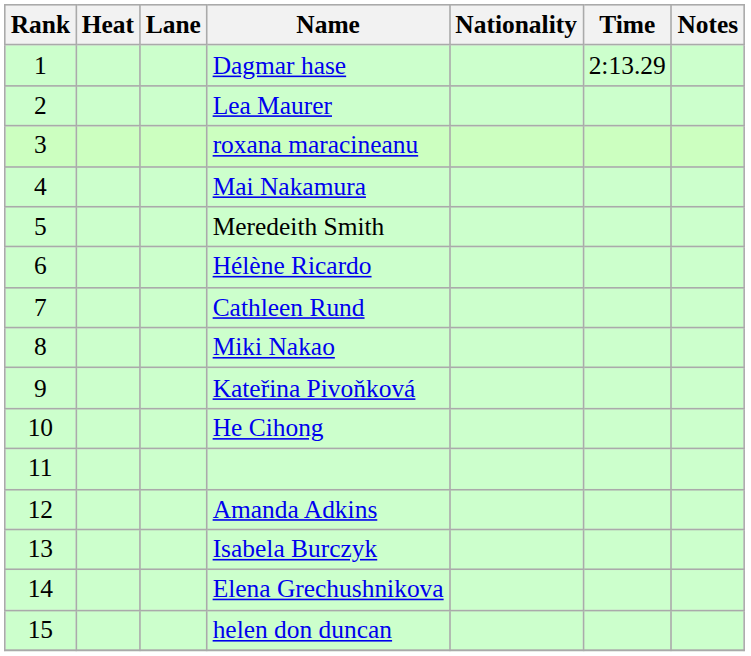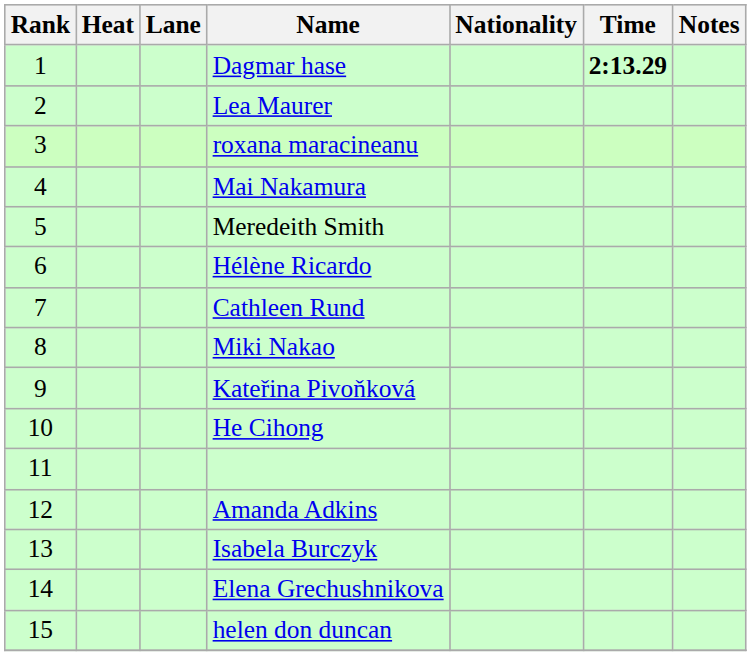 <table class="wikitable sortable" style="text-align:center">
 <tr>
 <th>Rank</th>
 <th>Heat</th>
 <th>Lane</th>
 <th>Name</th>
 <th>Nationality</th>
 <th>Time</th>
 <th>Notes</th>
 </tr>
 <tr bgcolor=ccffcc>
 <td>1</td>
 <td></td>
 <td></td>
 <td align=left><a href='#'>Dagmar hase</a></td>
 <td align=left></td>
-<td>2:13.29</td>
+<td><strong>2:13.29</strong></td>
 <td></td>
 </tr>
 <tr bgcolor=ccffcc>
 <td>2</td>
 <td></td>
 <td></td>
 <td align=left><a href='#'>Lea Maurer</a></td>
 <td align=left></td>
 <td></td>
 <td></td>
 </tr>
 <tr bgcolor=ccffc>
 <td>3</td>
 <td></td>
 <td></td>
 <td align=left><a href='#'>roxana maracineanu</a></td>
 <td align=left></td>
 <td></td>
 <td></td>
 </tr>
 <tr bgcolor=ccffcc>
 <td>4</td>
 <td></td>
 <td></td>
 <td align=left><a href='#'>Mai Nakamura</a></td>
 <td align=left></td>
 <td></td>
 <td></td>
 </tr>
 <tr bgcolor=ccffcc>
 <td>5</td>
 <td></td>
 <td></td>
 <td align=left>Meredeith Smith</td>
 <td align=left></td>
 <td></td>
 <td></td>
 </tr>
 <tr bgcolor=ccffcc>
 <td>6</td>
 <td></td>
 <td></td>
 <td align=left><a href='#'>Hélène Ricardo</a></td>
 <td align=left></td>
 <td></td>
 <td></td>
 </tr>
 <tr bgcolor=ccffcc>
 <td>7</td>
 <td></td>
 <td></td>
 <td align=left><a href='#'>Cathleen Rund</a></td>
 <td align=left></td>
 <td></td>
 <td></td>
 </tr>
 <tr bgcolor=ccffcc>
 <td>8</td>
 <td></td>
 <td></td>
 <td align=left><a href='#'>Miki Nakao</a></td>
 <td align=left></td>
 <td></td>
 <td></td>
 </tr>
 <tr bgcolor=ccffcc>
 <td>9</td>
 <td></td>
 <td></td>
 <td align=left><a href='#'>Kateřina Pivoňková</a></td>
 <td align=left></td>
 <td></td>
 <td></td>
 </tr>
 <tr bgcolor=ccffcc>
 <td>10</td>
 <td></td>
 <td></td>
 <td align=left><a href='#'>He Cihong</a></td>
 <td align=left></td>
 <td></td>
 <td></td>
 </tr>
 <tr bgcolor=ccffcc>
 <td>11</td>
 <td></td>
 <td></td>
 <td align=left></td>
 <td align=left></td>
 <td></td>
 <td></td>
 </tr>
 <tr bgcolor=ccffcc>
 <td>12</td>
 <td></td>
 <td></td>
 <td align=left><a href='#'>Amanda Adkins</a></td>
 <td align=left></td>
 <td></td>
 <td></td>
 </tr>
 <tr bgcolor=ccffcc>
 <td>13</td>
 <td></td>
 <td></td>
 <td align=left><a href='#'>Isabela Burczyk</a></td>
 <td align=left></td>
 <td></td>
 <td></td>
 </tr>
 <tr bgcolor=ccffcc>
 <td>14</td>
 <td></td>
 <td></td>
 <td align=left><a href='#'>Elena Grechushnikova</a></td>
 <td align=left></td>
 <td></td>
 <td></td>
 </tr>
 <tr bgcolor=ccffcc>
 <td>15</td>
 <td></td>
 <td></td>
 <td align=left><a href='#'>helen don duncan</a></td>
 <td align=left></td>
 <td></td>
 <td></td>
 </tr>
 <tr bgcolor=ccffcc>
 </tr>
 </table>
